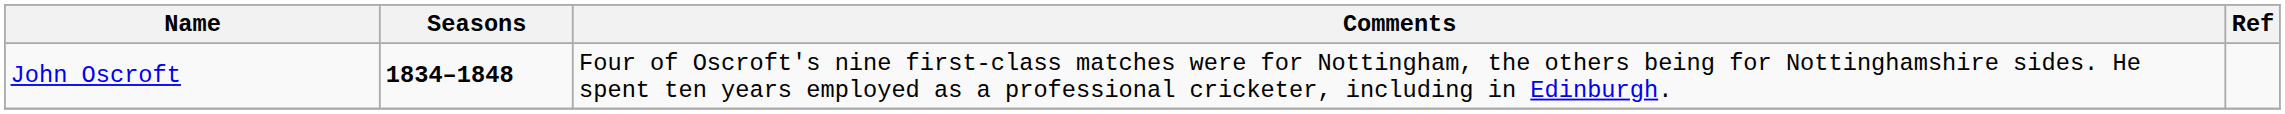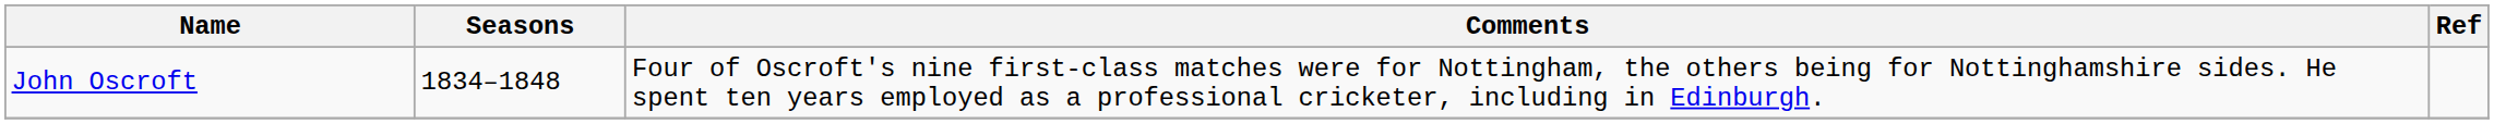 <table class="wikitable">
 <tr>
 <th style="width:200px">Name</th>
 <th style="width: 100px">Seasons</th>
 <th>Comments</th>
 <th>Ref</th>
 </tr>
 <tr>
 <td><a href='#'>John Oscroft</a></td>
-<td><strong>1834–1848</strong></td>
+<td>1834–1848</td>
 <td>Four of Oscroft's nine first-class matches were for Nottingham, the others being for Nottinghamshire sides. He spent ten years employed as a professional cricketer, including in <a href='#'>Edinburgh</a>.</td>
 <td></td>
 </tr>
 <tr>
 </tr>
 </table>
